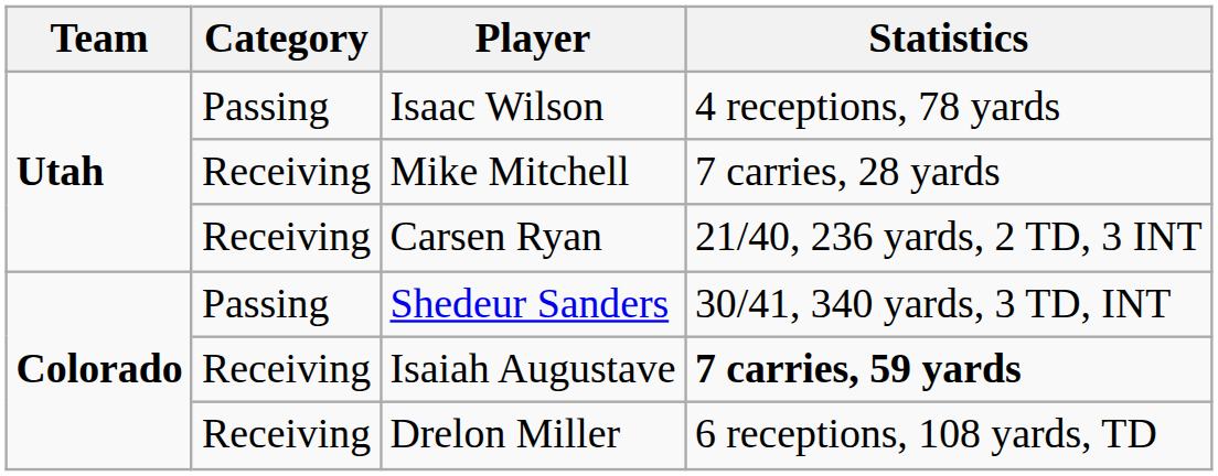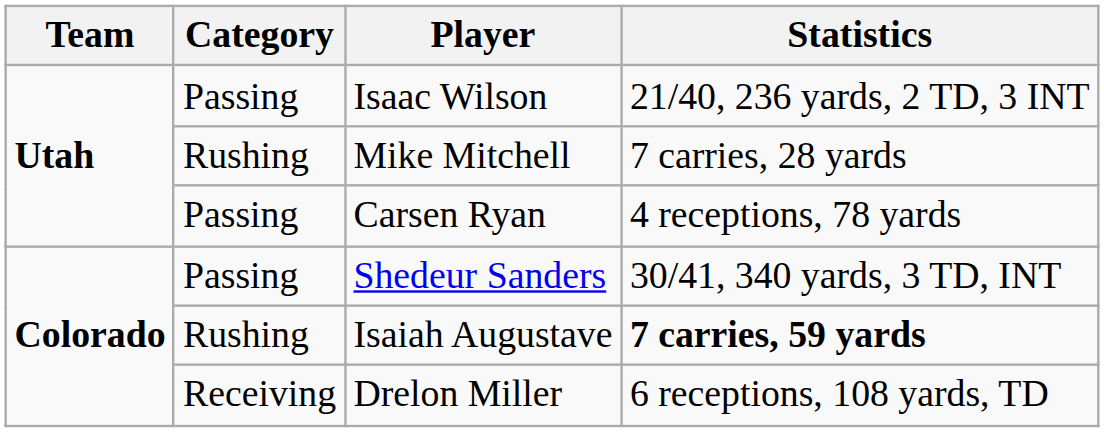 <table class="wikitable" style="float: right;">
 <tr>
 <th>Team</th>
 <th>Category</th>
 <th>Player</th>
 <th>Statistics</th>
 </tr>
 <tr>
 <td rowspan=3><strong>Utah</strong></td>
 <td>Passing</td>
 <td>Isaac Wilson</td>
-<td>4 receptions, 78 yards</td>
+<td>21/40, 236 yards, 2 TD, 3 INT</td>
 </tr>
 <tr>
-<td>Receiving</td>
+<td>Rushing</td>
 <td>Mike Mitchell</td>
 <td>7 carries, 28 yards</td>
 </tr>
 <tr>
-<td>Receiving</td>
+<td>Passing</td>
 <td>Carsen Ryan</td>
-<td>21/40, 236 yards, 2 TD, 3 INT</td>
+<td>4 receptions, 78 yards</td>
 </tr>
 <tr>
 <td rowspan=3><strong>Colorado</strong></td>
 <td>Passing</td>
 <td><a href='#'>Shedeur Sanders</a></td>
 <td>30/41, 340 yards, 3 TD, INT</td>
 </tr>
 <tr>
-<td>Receiving</td>
+<td>Rushing</td>
 <td>Isaiah Augustave</td>
 <td><strong>7 carries, 59 yards</strong></td>
 </tr>
 <tr>
 <td>Receiving</td>
 <td>Drelon Miller</td>
 <td>6 receptions, 108 yards, TD</td>
 </tr>
 </table>
